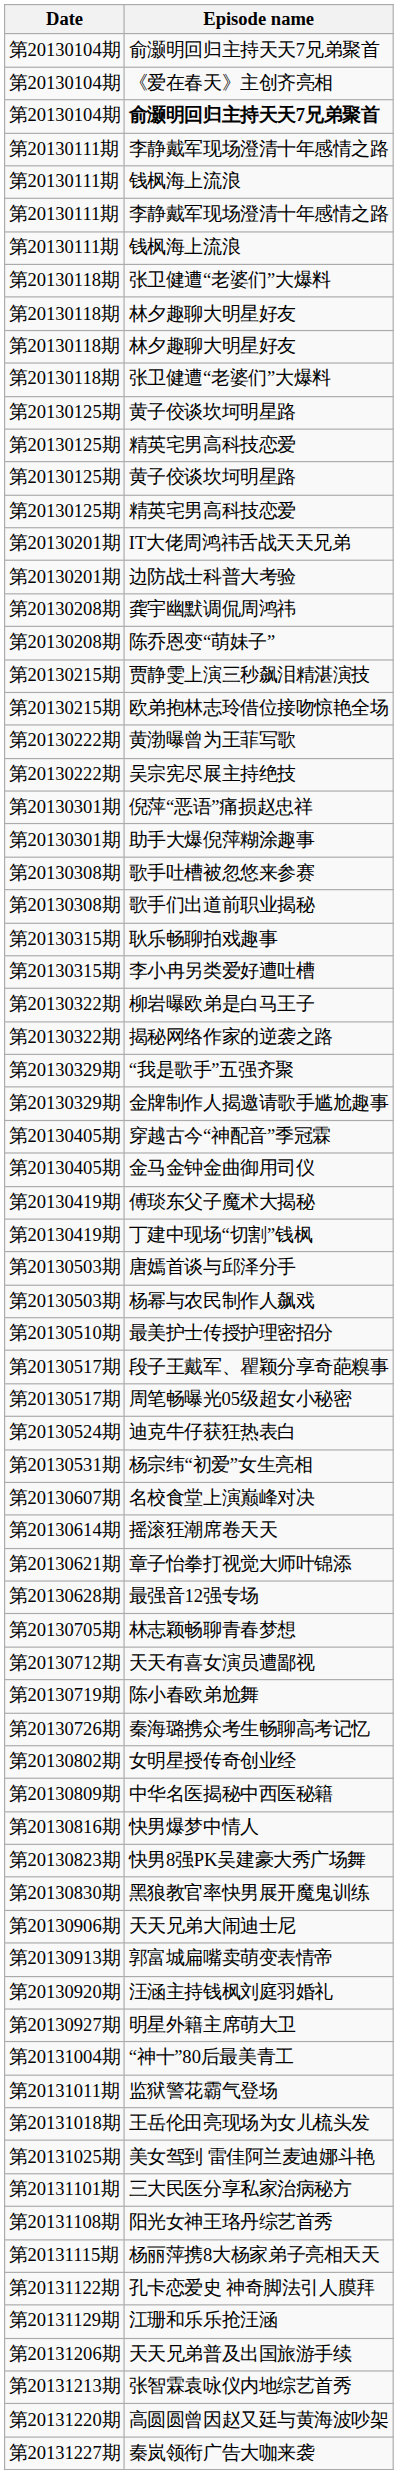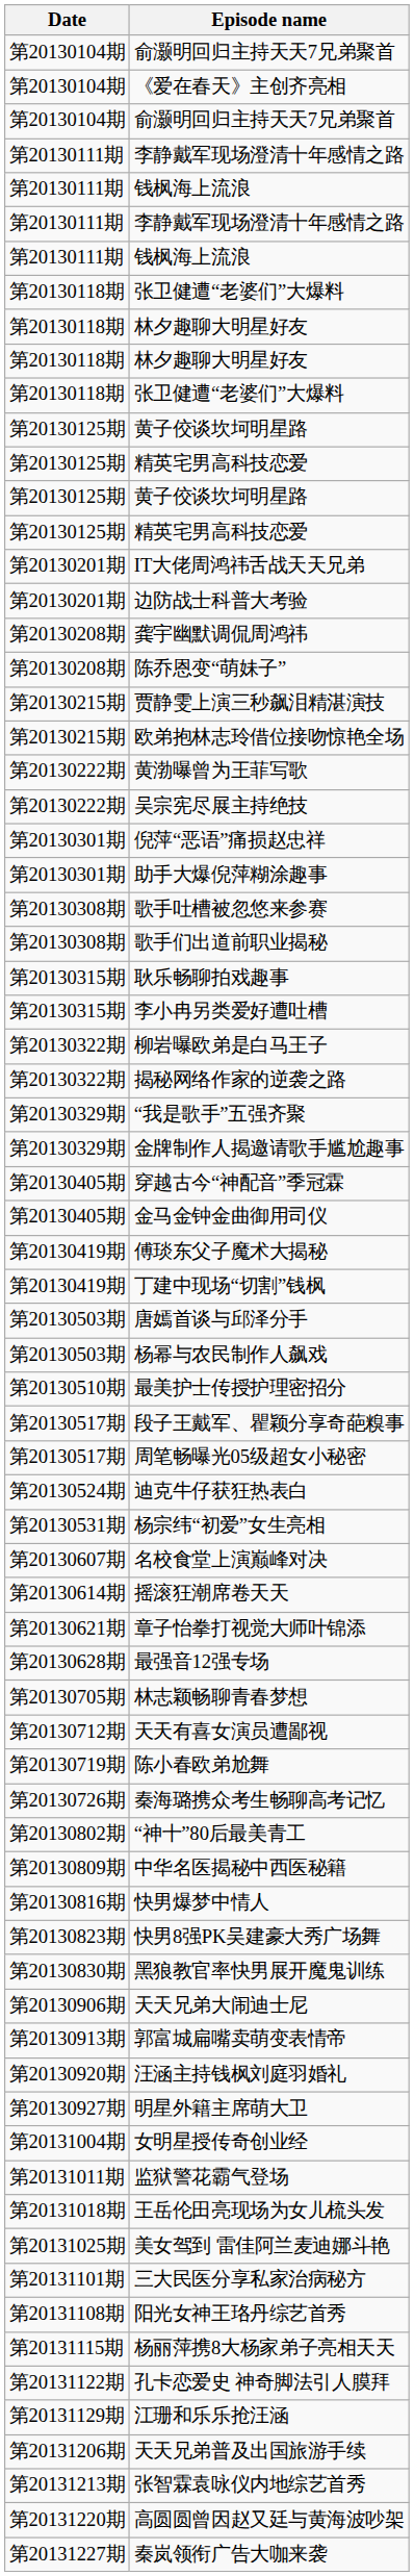 <table class="wikitable mw-collapsible mw-collapsed">
 <tr>
 <th>Date</th>
 <th>Episode name</th>
 </tr>
 <tr>
 <td>第20130104期</td>
 <td>俞灏明回归主持天天7兄弟聚首</td>
 </tr>
 <tr>
 <td>第20130104期</td>
 <td>《爱在春天》主创齐亮相</td>
 </tr>
 <tr>
 <td>第20130104期</td>
-<td><strong>俞灏明回归主持天天7兄弟聚首</strong></td>
+<td>俞灏明回归主持天天7兄弟聚首</td>
 </tr>
 <tr>
 <td>第20130111期</td>
 <td>李静戴军现场澄清十年感情之路</td>
 </tr>
 <tr>
 <td>第20130111期</td>
 <td>钱枫海上流浪</td>
 </tr>
 <tr>
 <td>第20130111期</td>
 <td>李静戴军现场澄清十年感情之路</td>
 </tr>
 <tr>
 <td>第20130111期</td>
 <td>钱枫海上流浪</td>
 </tr>
 <tr>
 <td>第20130118期</td>
 <td>张卫健遭“老婆们”大爆料</td>
 </tr>
 <tr>
 <td>第20130118期</td>
 <td>林夕趣聊大明星好友</td>
 </tr>
 <tr>
 <td>第20130118期</td>
 <td>林夕趣聊大明星好友</td>
 </tr>
 <tr>
 <td>第20130118期</td>
 <td>张卫健遭“老婆们”大爆料</td>
 </tr>
 <tr>
 <td>第20130125期</td>
 <td>黄子佼谈坎坷明星路</td>
 </tr>
 <tr>
 <td>第20130125期</td>
 <td>精英宅男高科技恋爱</td>
 </tr>
 <tr>
 <td>第20130125期</td>
 <td>黄子佼谈坎坷明星路</td>
 </tr>
 <tr>
 <td>第20130125期</td>
 <td>精英宅男高科技恋爱</td>
 </tr>
 <tr>
 <td>第20130201期</td>
 <td>IT大佬周鸿祎舌战天天兄弟</td>
 </tr>
 <tr>
 <td>第20130201期</td>
 <td>边防战士科普大考验</td>
 </tr>
 <tr>
 <td>第20130208期</td>
 <td>龚宇幽默调侃周鸿祎</td>
 </tr>
 <tr>
 <td>第20130208期</td>
 <td>陈乔恩变“萌妹子”</td>
 </tr>
 <tr>
 <td>第20130215期</td>
 <td>贾静雯上演三秒飙泪精湛演技</td>
 </tr>
 <tr>
 <td>第20130215期</td>
 <td>欧弟抱林志玲借位接吻惊艳全场</td>
 </tr>
 <tr>
 <td>第20130222期</td>
 <td>黄渤曝曾为王菲写歌</td>
 </tr>
 <tr>
 <td>第20130222期</td>
 <td>吴宗宪尽展主持绝技</td>
 </tr>
 <tr>
 <td>第20130301期</td>
 <td>倪萍“恶语”痛损赵忠祥</td>
 </tr>
 <tr>
 <td>第20130301期</td>
 <td>助手大爆倪萍糊涂趣事</td>
 </tr>
 <tr>
 <td>第20130308期</td>
 <td>歌手吐槽被忽悠来参赛</td>
 </tr>
 <tr>
 <td>第20130308期</td>
 <td>歌手们出道前职业揭秘</td>
 </tr>
 <tr>
 <td>第20130315期</td>
 <td>耿乐畅聊拍戏趣事</td>
 </tr>
 <tr>
 <td>第20130315期</td>
 <td>李小冉另类爱好遭吐槽</td>
 </tr>
 <tr>
 <td>第20130322期</td>
 <td>柳岩曝欧弟是白马王子</td>
 </tr>
 <tr>
 <td>第20130322期</td>
 <td>揭秘网络作家的逆袭之路</td>
 </tr>
 <tr>
 <td>第20130329期</td>
 <td>“我是歌手”五强齐聚</td>
 </tr>
 <tr>
 <td>第20130329期</td>
 <td>金牌制作人揭邀请歌手尴尬趣事</td>
 </tr>
 <tr>
 <td>第20130405期</td>
 <td>穿越古今“神配音”季冠霖</td>
 </tr>
 <tr>
 <td>第20130405期</td>
 <td>金马金钟金曲御用司仪</td>
 </tr>
 <tr>
 <td>第20130419期</td>
 <td>傅琰东父子魔术大揭秘</td>
 </tr>
 <tr>
 <td>第20130419期</td>
 <td>丁建中现场“切割”钱枫</td>
 </tr>
 <tr>
 <td>第20130503期</td>
 <td>唐嫣首谈与邱泽分手</td>
 </tr>
 <tr>
 <td>第20130503期</td>
 <td>杨幂与农民制作人飙戏</td>
 </tr>
 <tr>
 <td>第20130510期</td>
 <td>最美护士传授护理密招分</td>
 </tr>
 <tr>
 <td>第20130517期</td>
 <td>段子王戴军、瞿颖分享奇葩糗事</td>
 </tr>
 <tr>
 <td>第20130517期</td>
 <td>周笔畅曝光05级超女小秘密</td>
 </tr>
 <tr>
 <td>第20130524期</td>
 <td>迪克牛仔获狂热表白</td>
 </tr>
 <tr>
 <td>第20130531期</td>
 <td>杨宗纬“初爱”女生亮相</td>
 </tr>
 <tr>
 <td>第20130607期</td>
 <td>名校食堂上演巅峰对决</td>
 </tr>
 <tr>
 <td>第20130614期</td>
 <td>摇滚狂潮席卷天天</td>
 </tr>
 <tr>
 <td>第20130621期</td>
 <td>章子怡拳打视觉大师叶锦添</td>
 </tr>
 <tr>
 <td>第20130628期</td>
 <td>最强音12强专场</td>
 </tr>
 <tr>
 <td>第20130705期</td>
 <td>林志颖畅聊青春梦想</td>
 </tr>
 <tr>
 <td>第20130712期</td>
 <td>天天有喜女演员遭鄙视</td>
 </tr>
 <tr>
 <td>第20130719期</td>
 <td>陈小春欧弟尬舞</td>
 </tr>
 <tr>
 <td>第20130726期</td>
 <td>秦海璐携众考生畅聊高考记忆</td>
 </tr>
 <tr>
 <td>第20130802期</td>
-<td>女明星授传奇创业经</td>
+<td>“神十”80后最美青工</td>
 </tr>
 <tr>
 <td>第20130809期</td>
 <td>中华名医揭秘中西医秘籍</td>
 </tr>
 <tr>
 <td>第20130816期</td>
 <td>快男爆梦中情人</td>
 </tr>
 <tr>
 <td>第20130823期</td>
 <td>快男8强PK吴建豪大秀广场舞</td>
 </tr>
 <tr>
 <td>第20130830期</td>
 <td>黑狼教官率快男展开魔鬼训练</td>
 </tr>
 <tr>
 <td>第20130906期</td>
 <td>天天兄弟大闹迪士尼</td>
 </tr>
 <tr>
 <td>第20130913期</td>
 <td>郭富城扁嘴卖萌变表情帝</td>
 </tr>
 <tr>
 <td>第20130920期</td>
 <td>汪涵主持钱枫刘庭羽婚礼</td>
 </tr>
 <tr>
 <td>第20130927期</td>
 <td>明星外籍主席萌大卫</td>
 </tr>
 <tr>
 <td>第20131004期</td>
-<td>“神十”80后最美青工</td>
+<td>女明星授传奇创业经</td>
 </tr>
 <tr>
 <td>第20131011期</td>
 <td>监狱警花霸气登场</td>
 </tr>
 <tr>
 <td>第20131018期</td>
 <td>王岳伦田亮现场为女儿梳头发</td>
 </tr>
 <tr>
 <td>第20131025期</td>
 <td>美女驾到 雷佳阿兰麦迪娜斗艳</td>
 </tr>
 <tr>
 <td>第20131101期</td>
 <td>三大民医分享私家治病秘方</td>
 </tr>
 <tr>
 <td>第20131108期</td>
 <td>阳光女神王珞丹综艺首秀</td>
 </tr>
 <tr>
 <td>第20131115期</td>
 <td>杨丽萍携8大杨家弟子亮相天天</td>
 </tr>
 <tr>
 <td>第20131122期</td>
 <td>孔卡恋爱史 神奇脚法引人膜拜</td>
 </tr>
 <tr>
 <td>第20131129期</td>
 <td>江珊和乐乐抢汪涵</td>
 </tr>
 <tr>
 <td>第20131206期</td>
 <td>天天兄弟普及出国旅游手续</td>
 </tr>
 <tr>
 <td>第20131213期</td>
 <td>张智霖袁咏仪内地综艺首秀</td>
 </tr>
 <tr>
 <td>第20131220期</td>
 <td>高圆圆曾因赵又廷与黄海波吵架</td>
 </tr>
 <tr>
 <td>第20131227期</td>
 <td>秦岚领衔广告大咖来袭</td>
 </tr>
 </table>
